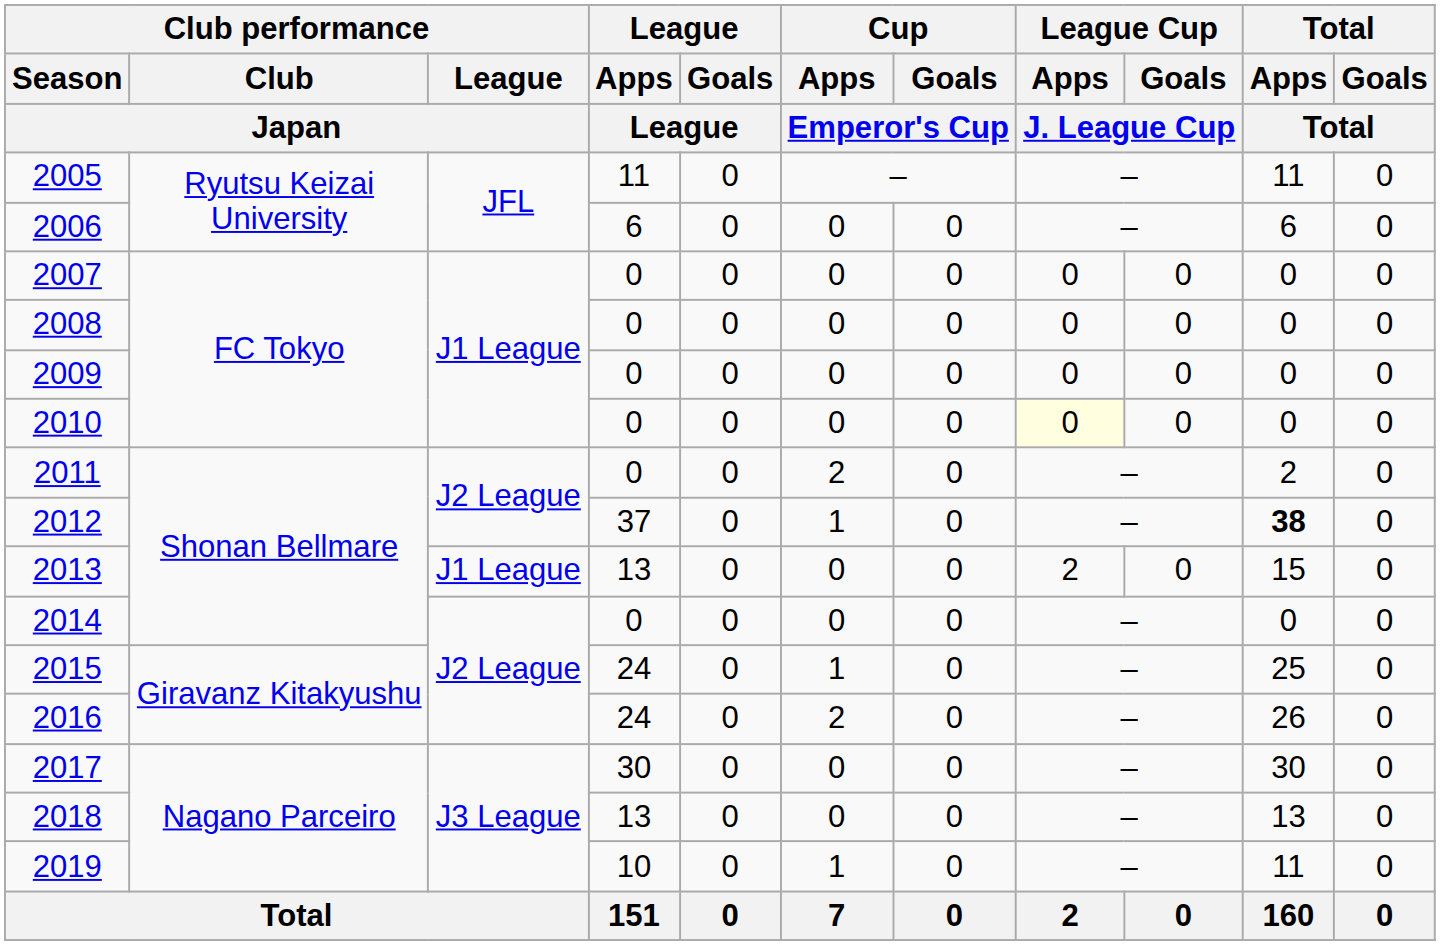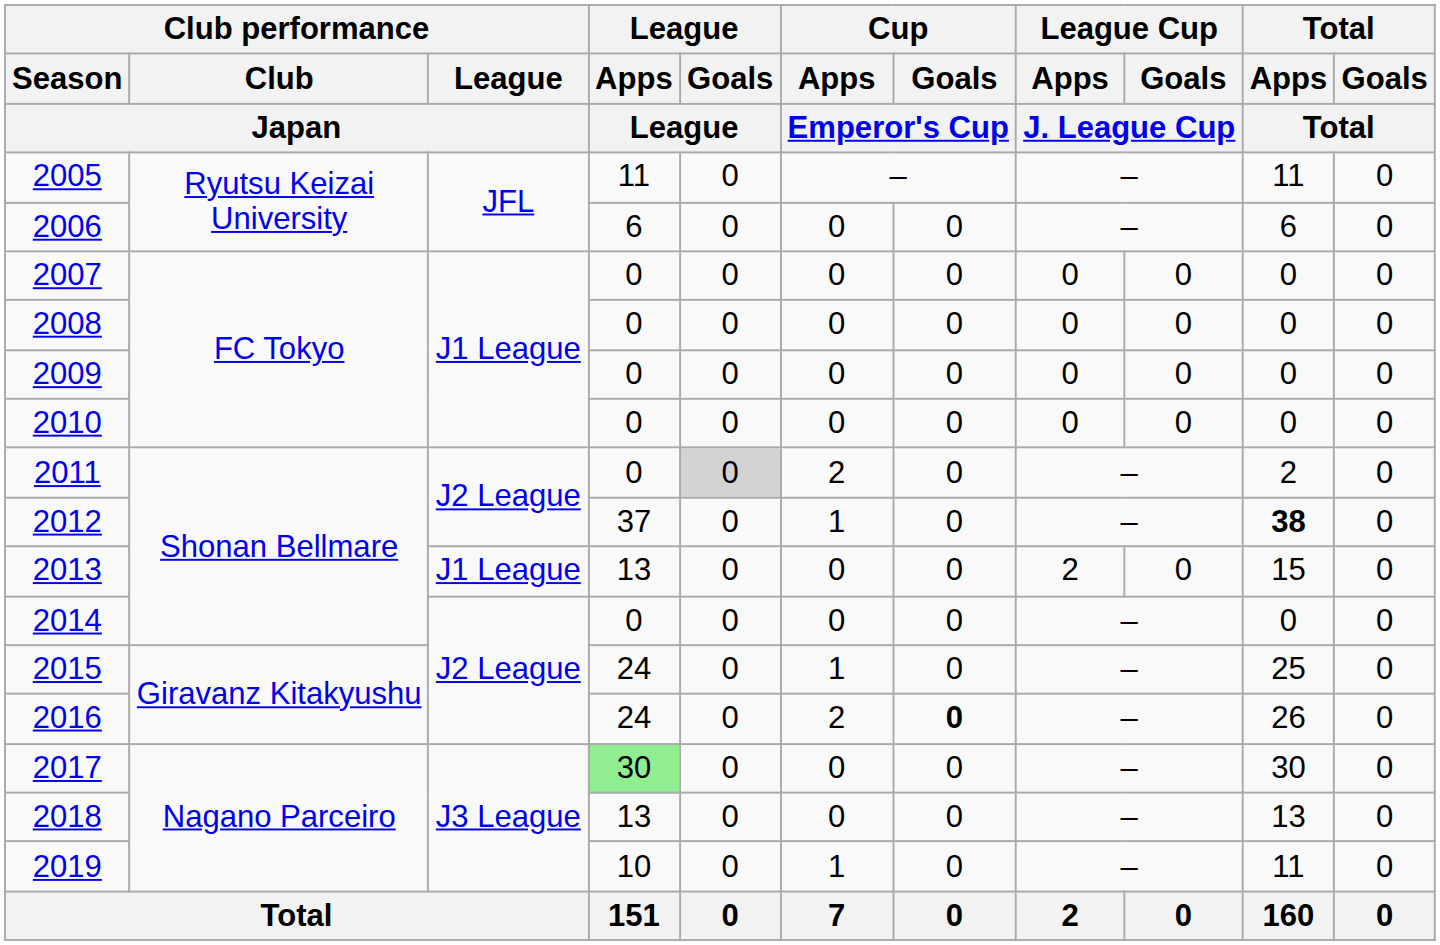 <table class="wikitable" style="text-align:center;">
 <tr>
 <th colspan=3>Club performance</th>
 <th colspan=2>League</th>
 <th colspan=2>Cup</th>
 <th colspan=2>League Cup</th>
 <th colspan=2>Total</th>
 </tr>
 <tr>
 <th>Season</th>
 <th>Club</th>
 <th>League</th>
 <th>Apps</th>
 <th>Goals</th>
 <th>Apps</th>
 <th>Goals</th>
 <th>Apps</th>
 <th>Goals</th>
 <th>Apps</th>
 <th>Goals</th>
 </tr>
 <tr>
 <th colspan=3>Japan</th>
 <th colspan=2>League</th>
 <th colspan=2><a href='#'>Emperor's Cup</a></th>
 <th colspan=2><a href='#'>J. League Cup</a></th>
 <th colspan=2>Total</th>
 </tr>
 <tr>
 <td><a href='#'>2005</a></td>
 <td rowspan=2><a href='#'>Ryutsu Keizai<br>University</a></td>
 <td rowspan=2><a href='#'>JFL</a></td>
 <td>11</td>
 <td>0</td>
 <td colspan="2">–</td>
 <td colspan="2">–</td>
 <td>11</td>
 <td>0</td>
 </tr>
 <tr>
 <td><a href='#'>2006</a></td>
 <td>6</td>
 <td>0</td>
 <td>0</td>
 <td>0</td>
 <td colspan="2">–</td>
 <td>6</td>
 <td>0</td>
 </tr>
 <tr>
 <td><a href='#'>2007</a></td>
 <td rowspan=4><a href='#'>FC Tokyo</a></td>
 <td rowspan=4><a href='#'>J1 League</a></td>
 <td>0</td>
 <td>0</td>
 <td>0</td>
 <td>0</td>
 <td>0</td>
 <td>0</td>
 <td>0</td>
 <td>0</td>
 </tr>
 <tr>
 <td><a href='#'>2008</a></td>
 <td>0</td>
 <td>0</td>
 <td>0</td>
 <td>0</td>
 <td>0</td>
 <td>0</td>
 <td>0</td>
 <td>0</td>
 </tr>
 <tr>
 <td><a href='#'>2009</a></td>
 <td>0</td>
 <td>0</td>
 <td>0</td>
 <td>0</td>
 <td>0</td>
 <td>0</td>
 <td>0</td>
 <td>0</td>
 </tr>
 <tr>
 <td><a href='#'>2010</a></td>
 <td>0</td>
 <td>0</td>
 <td>0</td>
 <td>0</td>
-<td style="background: lightyellow;">0</td>
+<td>0</td>
 <td>0</td>
 <td>0</td>
 <td>0</td>
 </tr>
 <tr>
 <td><a href='#'>2011</a></td>
 <td rowspan=4><a href='#'>Shonan Bellmare</a></td>
 <td rowspan=2><a href='#'>J2 League</a></td>
 <td>0</td>
-<td>0</td>
+<td style="background: lightgrey;">0</td>
 <td>2</td>
 <td>0</td>
 <td colspan="2">–</td>
 <td>2</td>
 <td>0</td>
 </tr>
 <tr>
 <td><a href='#'>2012</a></td>
 <td>37</td>
 <td>0</td>
 <td>1</td>
 <td>0</td>
 <td colspan="2">–</td>
 <td><strong>38</strong></td>
 <td>0</td>
 </tr>
 <tr>
 <td><a href='#'>2013</a></td>
 <td><a href='#'>J1 League</a></td>
 <td>13</td>
 <td>0</td>
 <td>0</td>
 <td>0</td>
 <td>2</td>
 <td>0</td>
 <td>15</td>
 <td>0</td>
 </tr>
 <tr>
 <td><a href='#'>2014</a></td>
 <td rowspan=3><a href='#'>J2 League</a></td>
 <td>0</td>
 <td>0</td>
 <td>0</td>
 <td>0</td>
 <td colspan="2">–</td>
 <td>0</td>
 <td>0</td>
 </tr>
 <tr>
 <td><a href='#'>2015</a></td>
 <td rowspan=2><a href='#'>Giravanz Kitakyushu</a></td>
 <td>24</td>
 <td>0</td>
 <td>1</td>
 <td>0</td>
 <td colspan="2">–</td>
 <td>25</td>
 <td>0</td>
 </tr>
 <tr>
 <td><a href='#'>2016</a></td>
 <td>24</td>
 <td>0</td>
 <td>2</td>
-<td>0</td>
+<td><strong>0</strong></td>
 <td colspan="2">–</td>
 <td>26</td>
 <td>0</td>
 </tr>
 <tr>
 <td><a href='#'>2017</a></td>
 <td rowspan="3"><a href='#'>Nagano Parceiro</a></td>
 <td rowspan="3"><a href='#'>J3 League</a></td>
-<td>30</td>
+<td style="background: lightgreen;">30</td>
 <td>0</td>
 <td>0</td>
 <td>0</td>
 <td colspan="2">–</td>
 <td>30</td>
 <td>0</td>
 </tr>
 <tr>
 <td><a href='#'>2018</a></td>
 <td>13</td>
 <td>0</td>
 <td>0</td>
 <td>0</td>
 <td colspan="2">–</td>
 <td>13</td>
 <td>0</td>
 </tr>
 <tr>
 <td><a href='#'>2019</a></td>
 <td>10</td>
 <td>0</td>
 <td>1</td>
 <td>0</td>
 <td colspan="2">–</td>
 <td>11</td>
 <td>0</td>
 </tr>
 <tr>
 <th colspan=3>Total</th>
 <th>151</th>
 <th>0</th>
 <th>7</th>
 <th>0</th>
 <th>2</th>
 <th>0</th>
 <th>160</th>
 <th>0</th>
 </tr>
 </table>
